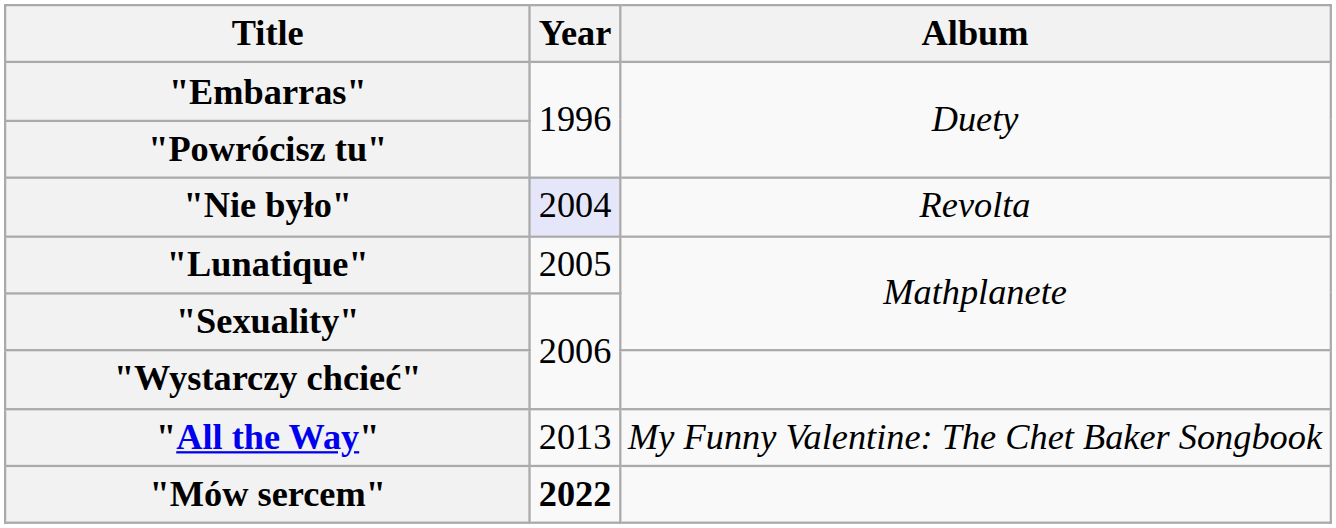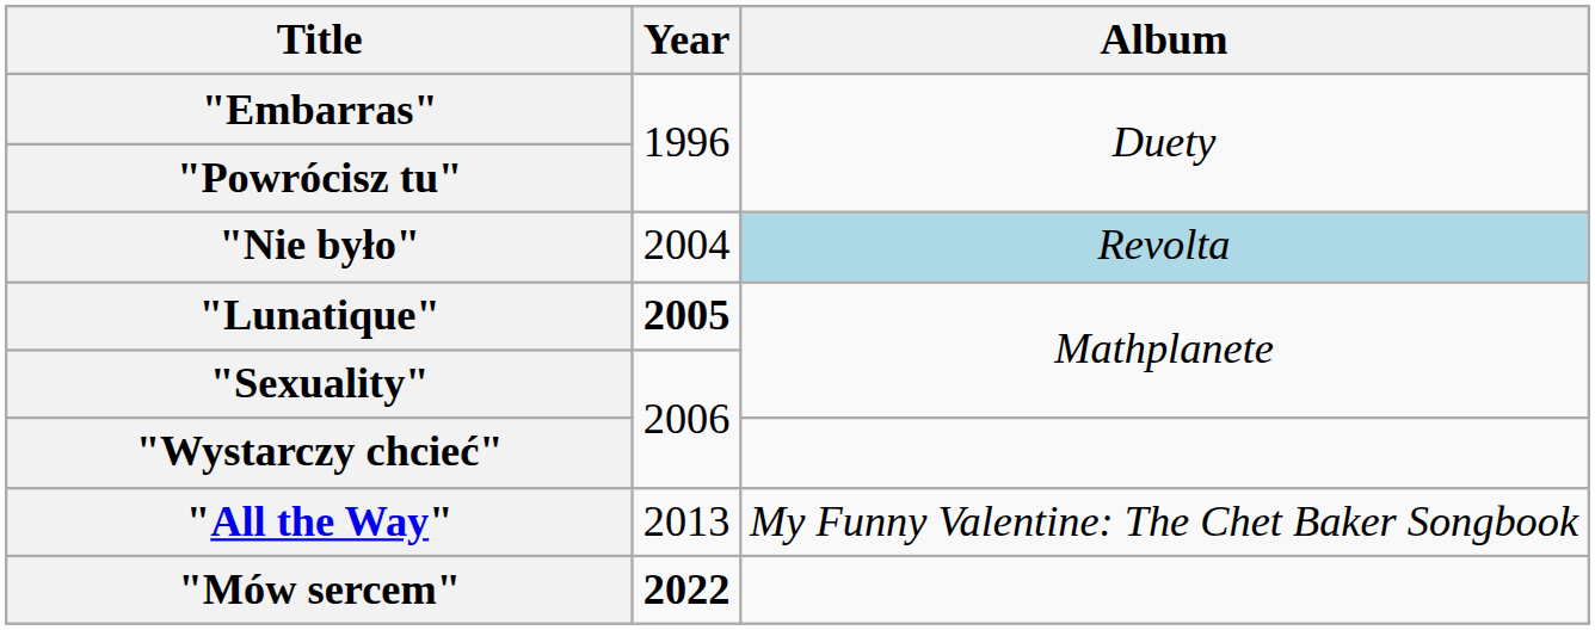 <table class="wikitable plainrowheaders" style="text-align:center;">
 <tr>
 <th scope="col" style="width:14em;">Title</th>
 <th scope="col">Year</th>
 <th scope="col">Album</th>
 </tr>
 <tr>
 <th scope="row">"Embarras"<br></th>
 <td rowspan="2">1996</td>
 <td rowspan="2"><em>Duety</em></td>
 </tr>
 <tr>
 <th scope="row">"Powrócisz tu"<br></th>
 </tr>
 <tr>
 <th scope="row">"Nie było"<br></th>
-<td style="background: lavender;">2004</td>
-<td><em>Revolta</em></td>
+<td>2004</td>
+<td style="background: lightblue;"><em>Revolta</em></td>
 </tr>
 <tr>
 <th scope="row">"Lunatique"<br></th>
-<td>2005</td>
+<td><strong>2005</strong></td>
 <td rowspan="2"><em>Mathplanete</em></td>
 </tr>
 <tr>
 <th scope="row">"Sexuality"<br></th>
 <td rowspan="2">2006</td>
 </tr>
 <tr>
 <th scope="row">"Wystarczy chcieć"<br></th>
 <td></td>
 </tr>
 <tr>
 <th scope="row">"<a href='#'>All the Way</a>"<br></th>
 <td>2013</td>
 <td><em>My Funny Valentine: The Chet Baker Songbook</em></td>
 </tr>
 <tr>
 <th scope="row">"Mów sercem"<br></th>
 <td><strong>2022</strong></td>
 <td></td>
 </tr>
 </table>
